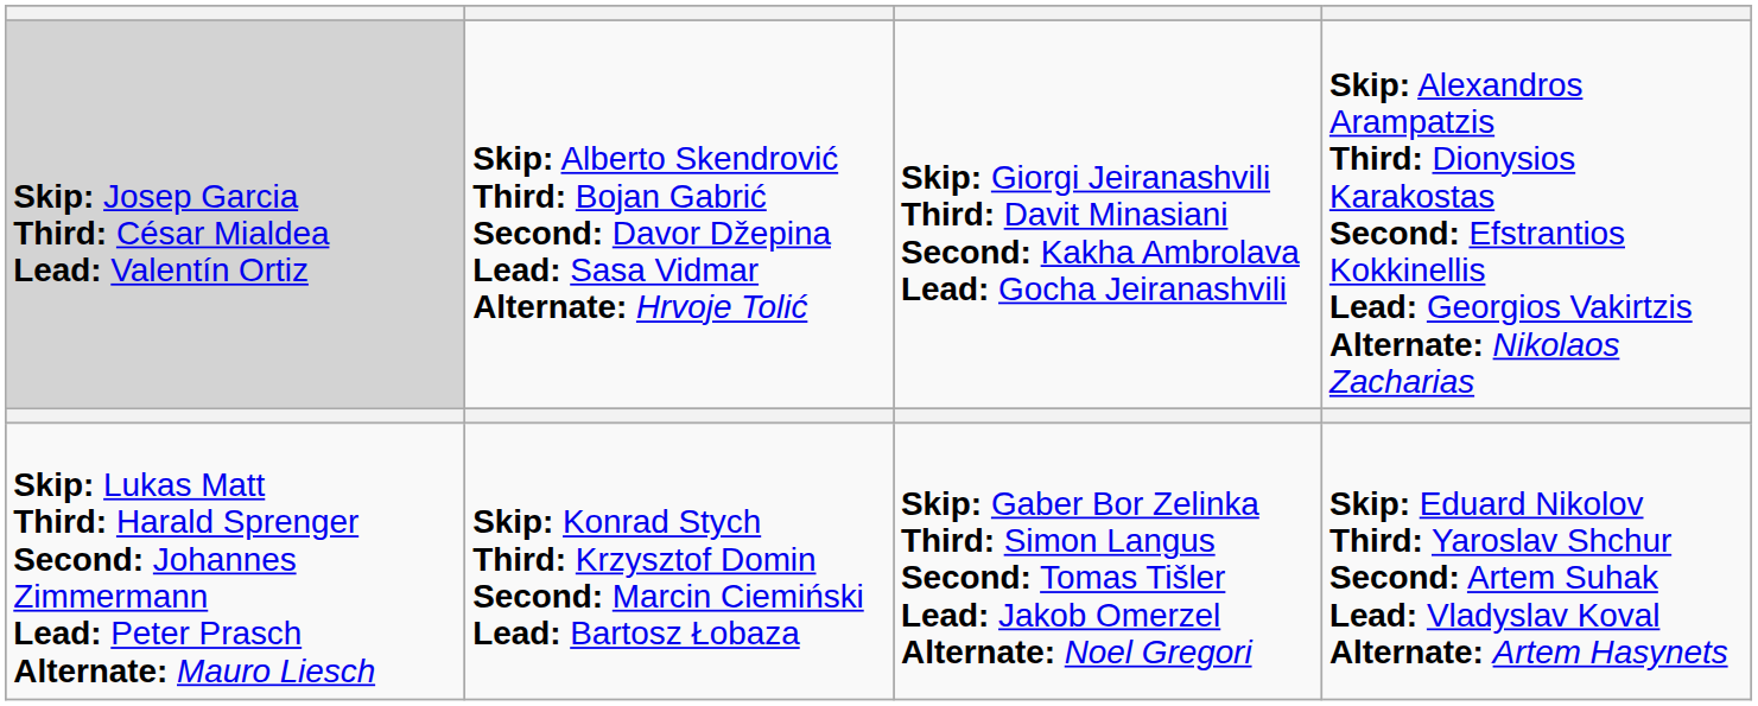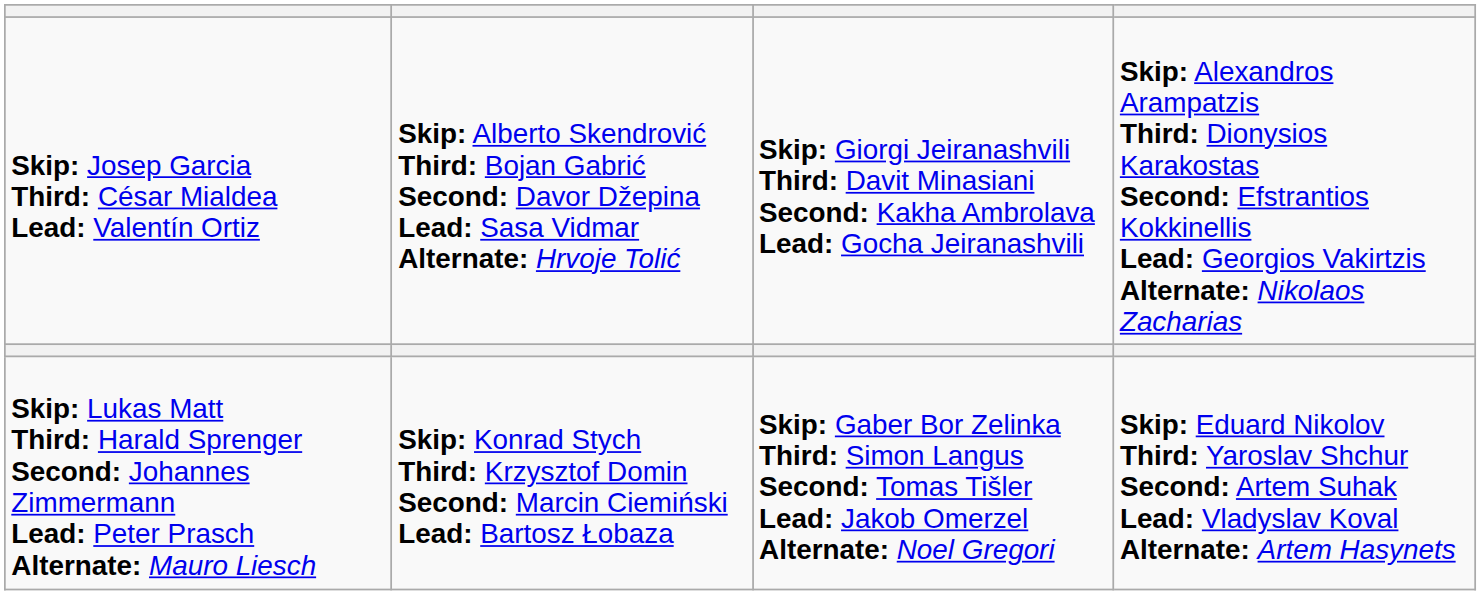 <table class="wikitable">
 <tr>
 <th width=200></th>
 <th width=200></th>
 <th width=200></th>
 <th width=200></th>
 </tr>
 <tr>
-<td style="background: lightgrey;"><br><strong>Skip:</strong> <a href='#'>Josep Garcia</a><br> <strong>Third:</strong> <a href='#'>César Mialdea</a><br> <strong>Lead:</strong> <a href='#'>Valentín Ortiz</a></td>
+<td><br><strong>Skip:</strong> <a href='#'>Josep Garcia</a><br> <strong>Third:</strong> <a href='#'>César Mialdea</a><br> <strong>Lead:</strong> <a href='#'>Valentín Ortiz</a></td>
 <td><br><strong>Skip:</strong> <a href='#'>Alberto Skendrović</a><br> <strong>Third:</strong> <a href='#'>Bojan Gabrić</a><br> <strong>Second:</strong> <a href='#'>Davor Džepina</a><br> <strong>Lead:</strong> <a href='#'>Sasa Vidmar</a><br> <strong>Alternate:</strong> <em><a href='#'>Hrvoje Tolić</a></em></td>
 <td><br><strong>Skip:</strong> <a href='#'>Giorgi Jeiranashvili</a><br> <strong>Third:</strong> <a href='#'>Davit Minasiani</a><br> <strong>Second:</strong> <a href='#'>Kakha Ambrolava</a><br> <strong>Lead:</strong> <a href='#'>Gocha Jeiranashvili</a></td>
 <td><br><strong>Skip:</strong> <a href='#'>Alexandros Arampatzis</a><br> <strong>Third:</strong> <a href='#'>Dionysios Karakostas</a><br> <strong>Second:</strong> <a href='#'>Efstrantios Kokkinellis</a><br> <strong>Lead:</strong> <a href='#'>Georgios Vakirtzis</a><br> <strong>Alternate:</strong> <em><a href='#'>Nikolaos Zacharias</a></em></td>
 </tr>
 <tr>
 <th width=215></th>
 <th width=200></th>
 <th width=200></th>
 <th width=200></th>
 </tr>
 <tr>
 <td><br><strong>Skip:</strong> <a href='#'>Lukas Matt</a><br> <strong>Third:</strong> <a href='#'>Harald Sprenger</a><br> <strong>Second:</strong> <a href='#'>Johannes Zimmermann</a><br> <strong>Lead:</strong> <a href='#'>Peter Prasch</a><br> <strong>Alternate:</strong> <em><a href='#'>Mauro Liesch</a></em></td>
 <td><br><strong>Skip:</strong> <a href='#'>Konrad Stych</a><br> <strong>Third:</strong> <a href='#'>Krzysztof Domin</a><br> <strong>Second:</strong> <a href='#'>Marcin Ciemiński</a><br> <strong>Lead:</strong> <a href='#'>Bartosz Łobaza</a></td>
 <td><br><strong>Skip:</strong> <a href='#'>Gaber Bor Zelinka</a><br> <strong>Third:</strong> <a href='#'>Simon Langus</a><br> <strong>Second:</strong> <a href='#'>Tomas Tišler</a><br> <strong>Lead:</strong> <a href='#'>Jakob Omerzel</a><br> <strong>Alternate:</strong> <em><a href='#'>Noel Gregori</a></em></td>
 <td><br><strong>Skip:</strong> <a href='#'>Eduard Nikolov</a><br> <strong>Third:</strong> <a href='#'>Yaroslav Shchur</a><br> <strong>Second:</strong> <a href='#'>Artem Suhak</a><br> <strong>Lead:</strong> <a href='#'>Vladyslav Koval</a><br> <strong>Alternate:</strong> <em><a href='#'>Artem Hasynets</a></em></td>
 </tr>
 </table>
